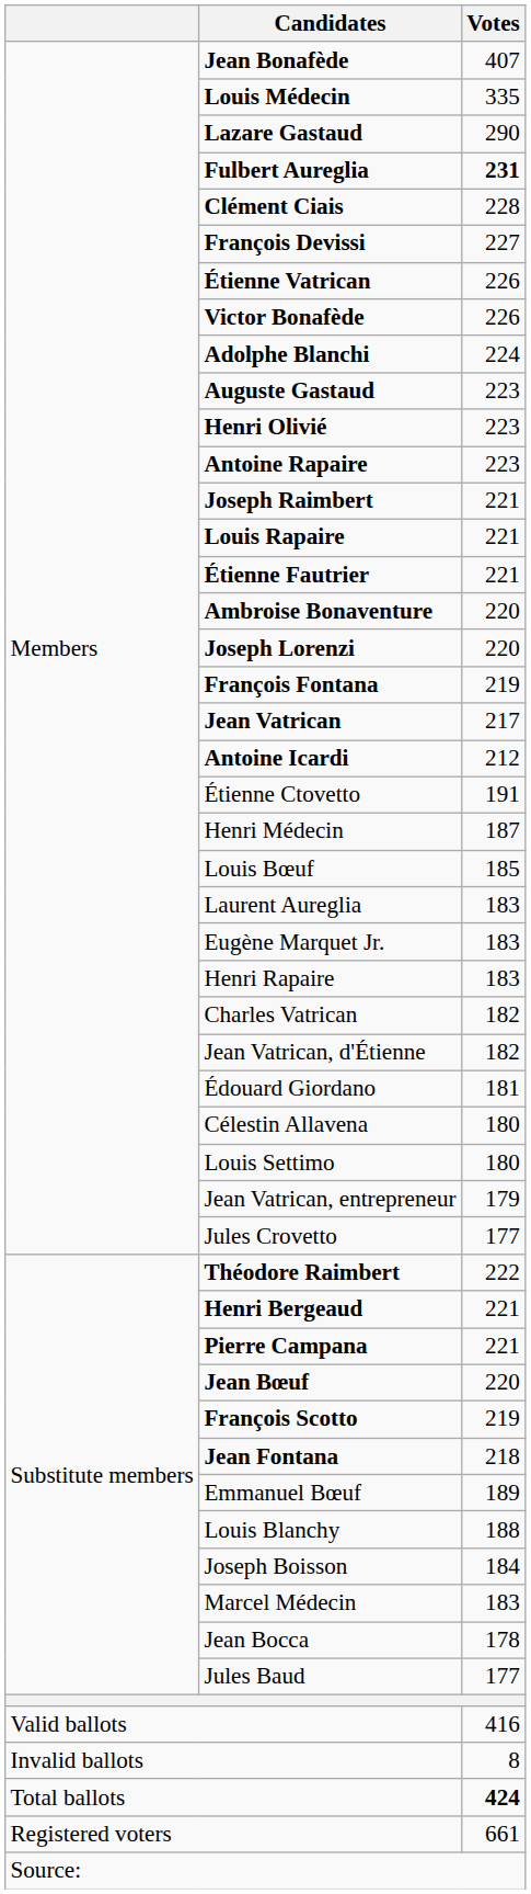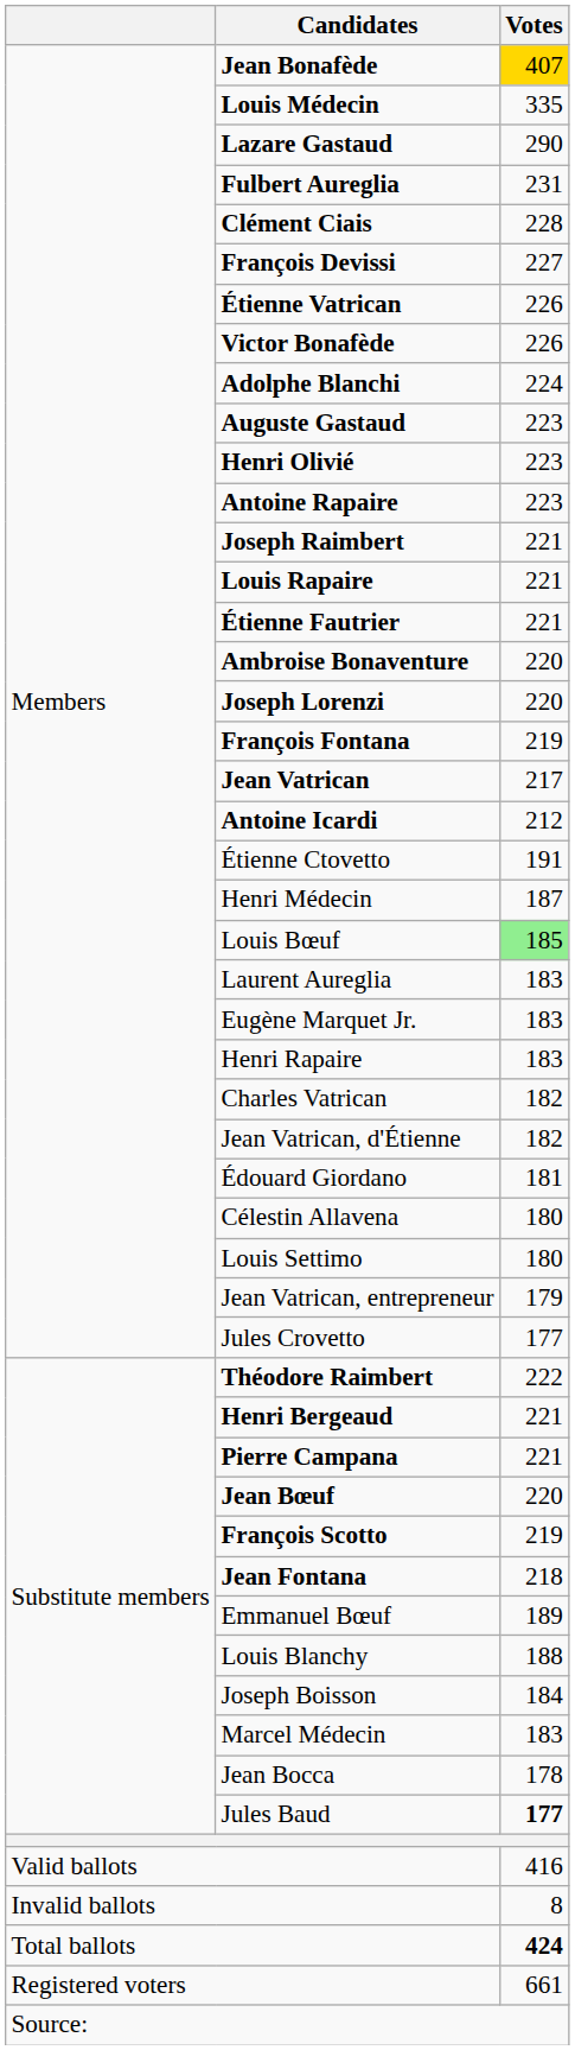 <table class="wikitable" style="text-align:right">
 <tr>
 <th></th>
 <th>Candidates</th>
 <th>Votes</th>
 </tr>
 <tr>
 <td rowspan=33 align=left>Members</td>
 <td align=left><strong>Jean Bonafède</strong></td>
-<td>407</td>
+<td style="background: gold;">407</td>
 </tr>
 <tr>
 <td align=left><strong>Louis Médecin</strong></td>
 <td>335</td>
 </tr>
 <tr>
 <td align=left><strong>Lazare Gastaud</strong></td>
 <td>290</td>
 </tr>
 <tr>
 <td align=left><strong>Fulbert Aureglia</strong></td>
-<td><strong>231</strong></td>
+<td>231</td>
 </tr>
 <tr>
 <td align=left><strong>Clément Ciais</strong></td>
 <td>228</td>
 </tr>
 <tr>
 <td align=left><strong>François Devissi</strong></td>
 <td>227</td>
 </tr>
 <tr>
 <td align=left><strong>Étienne Vatrican</strong></td>
 <td>226</td>
 </tr>
 <tr>
 <td align=left><strong>Victor Bonafède</strong></td>
 <td>226</td>
 </tr>
 <tr>
 <td align=left><strong>Adolphe Blanchi</strong></td>
 <td>224</td>
 </tr>
 <tr>
 <td align=left><strong>Auguste Gastaud</strong></td>
 <td>223</td>
 </tr>
 <tr>
 <td align=left><strong>Henri Olivié</strong></td>
 <td>223</td>
 </tr>
 <tr>
 <td align=left><strong>Antoine Rapaire</strong></td>
 <td>223</td>
 </tr>
 <tr>
 <td align=left><strong>Joseph Raimbert</strong></td>
 <td>221</td>
 </tr>
 <tr>
 <td align=left><strong>Louis Rapaire</strong></td>
 <td>221</td>
 </tr>
 <tr>
 <td align=left><strong>Étienne Fautrier</strong></td>
 <td>221</td>
 </tr>
 <tr>
 <td align=left><strong>Ambroise Bonaventure</strong></td>
 <td>220</td>
 </tr>
 <tr>
 <td align=left><strong>Joseph Lorenzi</strong></td>
 <td>220</td>
 </tr>
 <tr>
 <td align=left><strong>François Fontana</strong></td>
 <td>219</td>
 </tr>
 <tr>
 <td align=left><strong>Jean Vatrican</strong></td>
 <td>217</td>
 </tr>
 <tr>
 <td align=left><strong>Antoine Icardi</strong></td>
 <td>212</td>
 </tr>
 <tr>
 <td align=left>Étienne Ctovetto</td>
 <td>191</td>
 </tr>
 <tr>
 <td align=left>Henri Médecin</td>
 <td>187</td>
 </tr>
 <tr>
 <td align=left>Louis Bœuf</td>
-<td>185</td>
+<td style="background: lightgreen;">185</td>
 </tr>
 <tr>
 <td align=left>Laurent Aureglia</td>
 <td>183</td>
 </tr>
 <tr>
 <td align=left>Eugène Marquet Jr.</td>
 <td>183</td>
 </tr>
 <tr>
 <td align=left>Henri Rapaire</td>
 <td>183</td>
 </tr>
 <tr>
 <td align=left>Charles Vatrican</td>
 <td>182</td>
 </tr>
 <tr>
 <td align=left>Jean Vatrican, d'Étienne</td>
 <td>182</td>
 </tr>
 <tr>
 <td align=left>Édouard Giordano</td>
 <td>181</td>
 </tr>
 <tr>
 <td align=left>Célestin Allavena</td>
 <td>180</td>
 </tr>
 <tr>
 <td align=left>Louis Settimo</td>
 <td>180</td>
 </tr>
 <tr>
 <td align=left>Jean Vatrican, entrepreneur</td>
 <td>179</td>
 </tr>
 <tr>
 <td align=left>Jules Crovetto</td>
 <td>177</td>
 </tr>
 <tr>
 <td rowspan=12 align=left>Substitute members</td>
 <td align=left><strong>Théodore Raimbert</strong></td>
 <td>222</td>
 </tr>
 <tr>
 <td align=left><strong>Henri Bergeaud</strong></td>
 <td>221</td>
 </tr>
 <tr>
 <td align=left><strong>Pierre Campana</strong></td>
 <td>221</td>
 </tr>
 <tr>
 <td align=left><strong>Jean Bœuf</strong></td>
 <td>220</td>
 </tr>
 <tr>
 <td align=left><strong>François Scotto</strong></td>
 <td>219</td>
 </tr>
 <tr>
 <td align=left><strong>Jean Fontana</strong></td>
 <td>218</td>
 </tr>
 <tr>
 <td align=left>Emmanuel Bœuf</td>
 <td>189</td>
 </tr>
 <tr>
 <td align=left>Louis Blanchy</td>
 <td>188</td>
 </tr>
 <tr>
 <td align=left>Joseph Boisson</td>
 <td>184</td>
 </tr>
 <tr>
 <td align=left>Marcel Médecin</td>
 <td>183</td>
 </tr>
 <tr>
 <td align=left>Jean Bocca</td>
 <td>178</td>
 </tr>
 <tr>
 <td align=left>Jules Baud</td>
-<td>177</td>
+<td><strong>177</strong></td>
 </tr>
 <tr>
 <th colspan=3></th>
 </tr>
 <tr>
 <td colspan=2 align=left>Valid ballots</td>
 <td>416</td>
 </tr>
 <tr>
 <td colspan=2 align=left>Invalid ballots</td>
 <td>8</td>
 </tr>
 <tr>
 <td colspan=2 align=left>Total ballots</td>
 <td><strong>424</strong></td>
 </tr>
 <tr>
 <td colspan=2 align=left>Registered voters</td>
 <td>661</td>
 </tr>
 <tr>
 <td colspan=3 align=left>Source:</td>
 </tr>
 </table>
